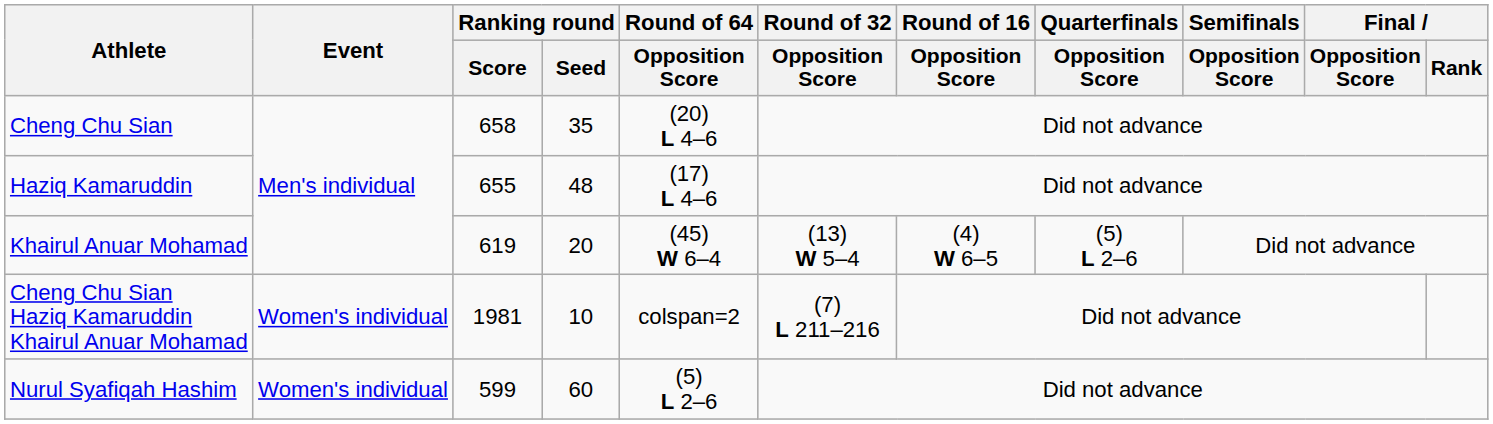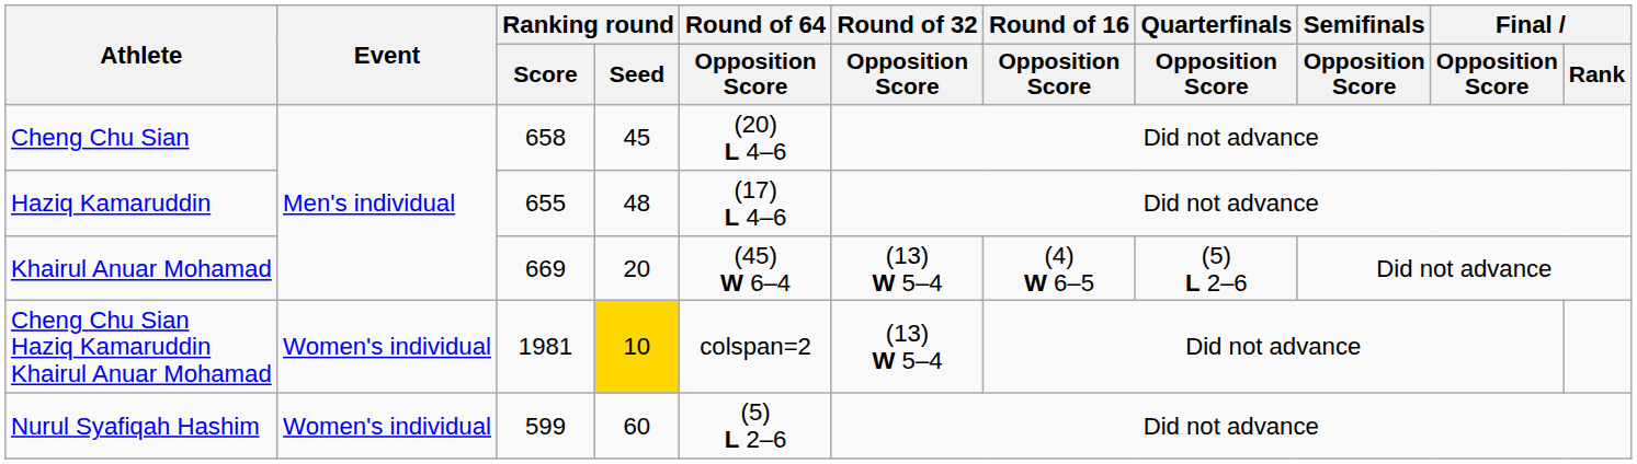 <table class="wikitable" style="font-size:90%">
 <tr>
 <th rowspan="2">Athlete</th>
 <th rowspan="2">Event</th>
 <th colspan="2">Ranking round</th>
 <th>Round of 64</th>
 <th>Round of 32</th>
 <th>Round of 16</th>
 <th>Quarterfinals</th>
 <th>Semifinals</th>
 <th colspan="2">Final / </th>
 </tr>
 <tr style="font-size:95%">
 <th>Score</th>
 <th>Seed</th>
 <th>Opposition<br>Score</th>
 <th>Opposition<br>Score</th>
 <th>Opposition<br>Score</th>
 <th>Opposition<br>Score</th>
 <th>Opposition<br>Score</th>
 <th>Opposition<br>Score</th>
 <th>Rank</th>
 </tr>
 <tr align=center>
 <td align=left><a href='#'>Cheng Chu Sian</a></td>
 <td align=left rowspan=3><a href='#'>Men's individual</a></td>
 <td>658</td>
-<td>35</td>
+<td>45</td>
 <td> (20) <br><strong>L</strong> 4–6</td>
 <td colspan=6>Did not advance</td>
 </tr>
 <tr align=center>
 <td align=left><a href='#'>Haziq Kamaruddin</a></td>
 <td>655</td>
 <td>48</td>
 <td> (17)<br><strong>L</strong> 4–6</td>
 <td colspan=6>Did not advance</td>
 </tr>
 <tr align=center>
 <td align=left><a href='#'>Khairul Anuar Mohamad</a></td>
-<td>619</td>
+<td>669</td>
 <td>20</td>
 <td> (45) <br><strong>W</strong> 6–4</td>
 <td> (13) <br><strong>W</strong> 5–4</td>
 <td> (4) <br><strong>W</strong> 6–5</td>
 <td> (5) <br><strong>L</strong> 2–6</td>
 <td colspan=3>Did not advance</td>
 </tr>
 <tr align=center>
 <td align=left><a href='#'>Cheng Chu Sian</a><br><a href='#'>Haziq Kamaruddin</a><br><a href='#'>Khairul Anuar Mohamad</a></td>
 <td align=left><a href='#'>Women's individual</a></td>
 <td>1981</td>
-<td>10</td>
+<td style="background: gold;">10</td>
 <td>colspan=2 </td>
-<td> (7)<br><strong>L</strong> 211–216</td>
+<td> (13) <br><strong>W</strong> 5–4</td>
 <td colspan=4>Did not advance</td>
 </tr>
 <tr align=center>
 <td align=left><a href='#'>Nurul Syafiqah Hashim</a></td>
 <td align=left><a href='#'>Women's individual</a></td>
 <td>599</td>
 <td>60</td>
 <td> (5) <br> <strong>L</strong> 2–6</td>
 <td colspan=6>Did not advance</td>
 </tr>
 </table>
